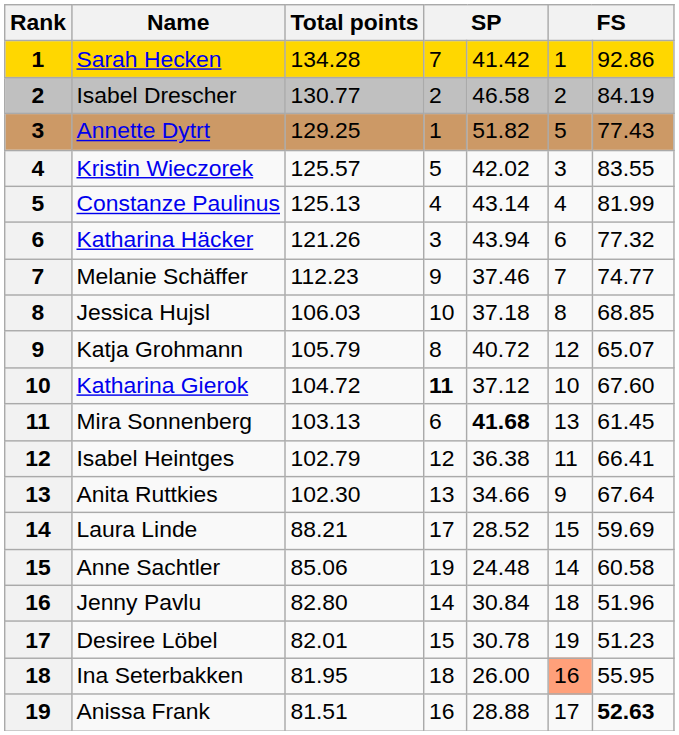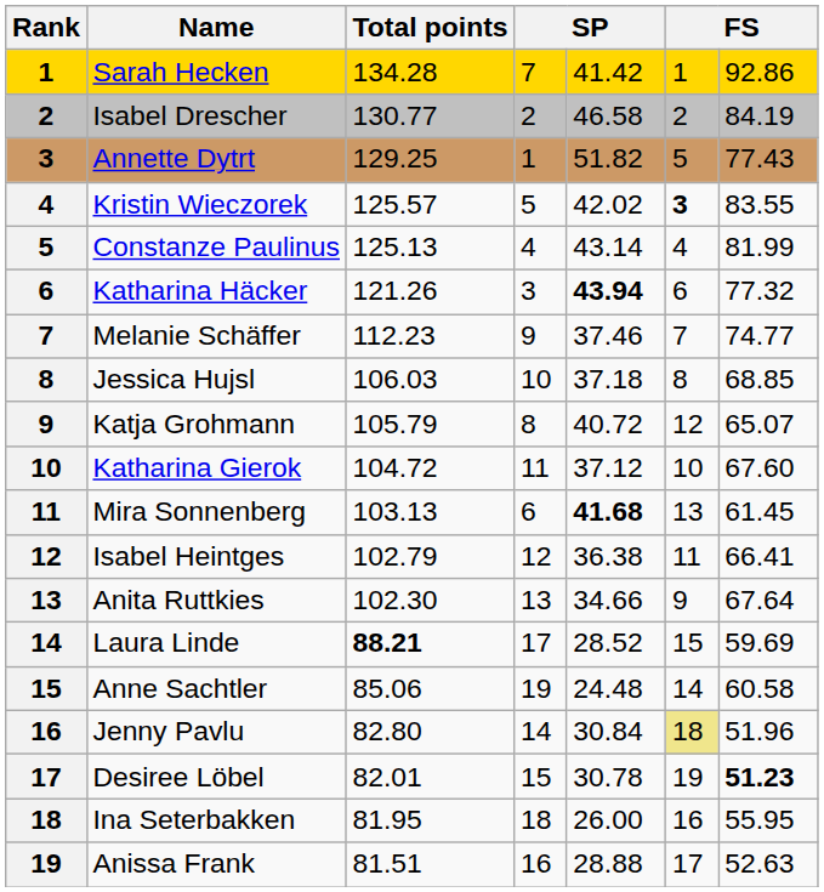 <table class="wikitable">
 <tr>
 <th>Rank</th>
 <th>Name</th>
 <th>Total points</th>
 <th colspan="2" width="80px">SP</th>
 <th colspan="2" width="80px">FS</th>
 </tr>
 <tr bgcolor="gold">
 <td align="center"><strong>1</strong></td>
 <td><a href='#'>Sarah Hecken</a></td>
 <td>134.28</td>
 <td>7</td>
 <td>41.42</td>
 <td>1</td>
 <td>92.86</td>
 </tr>
 <tr bgcolor="silver">
 <td align="center"><strong>2</strong></td>
 <td>Isabel Drescher</td>
 <td>130.77</td>
 <td>2</td>
 <td>46.58</td>
 <td>2</td>
 <td>84.19</td>
 </tr>
 <tr bgcolor="cc9966">
 <td align="center"><strong>3</strong></td>
 <td><a href='#'>Annette Dytrt</a></td>
 <td>129.25</td>
 <td>1</td>
 <td>51.82</td>
 <td>5</td>
 <td>77.43</td>
 </tr>
 <tr>
 <th>4</th>
 <td><a href='#'>Kristin Wieczorek</a></td>
 <td>125.57</td>
 <td>5</td>
 <td>42.02</td>
-<td>3</td>
+<td><strong>3</strong></td>
 <td>83.55</td>
 </tr>
 <tr>
 <th>5</th>
 <td><a href='#'>Constanze Paulinus</a></td>
 <td>125.13</td>
 <td>4</td>
 <td>43.14</td>
 <td>4</td>
 <td>81.99</td>
 </tr>
 <tr>
 <th>6</th>
 <td><a href='#'>Katharina Häcker</a></td>
 <td>121.26</td>
 <td>3</td>
-<td>43.94</td>
+<td><strong>43.94</strong></td>
 <td>6</td>
 <td>77.32</td>
 </tr>
 <tr>
 <th>7</th>
 <td>Melanie Schäffer</td>
 <td>112.23</td>
 <td>9</td>
 <td>37.46</td>
 <td>7</td>
 <td>74.77</td>
 </tr>
 <tr>
 <th>8</th>
 <td>Jessica Hujsl</td>
 <td>106.03</td>
 <td>10</td>
 <td>37.18</td>
 <td>8</td>
 <td>68.85</td>
 </tr>
 <tr>
 <th>9</th>
 <td>Katja Grohmann</td>
 <td>105.79</td>
 <td>8</td>
 <td>40.72</td>
 <td>12</td>
 <td>65.07</td>
 </tr>
 <tr>
 <th>10</th>
 <td><a href='#'>Katharina Gierok</a></td>
 <td>104.72</td>
-<td><strong>11</strong></td>
+<td>11</td>
 <td>37.12</td>
 <td>10</td>
 <td>67.60</td>
 </tr>
 <tr>
 <th>11</th>
 <td>Mira Sonnenberg</td>
 <td>103.13</td>
 <td>6</td>
 <td><strong>41.68</strong></td>
 <td>13</td>
 <td>61.45</td>
 </tr>
 <tr>
 <th>12</th>
 <td>Isabel Heintges</td>
 <td>102.79</td>
 <td>12</td>
 <td>36.38</td>
 <td>11</td>
 <td>66.41</td>
 </tr>
 <tr>
 <th>13</th>
 <td>Anita Ruttkies</td>
 <td>102.30</td>
 <td>13</td>
 <td>34.66</td>
 <td>9</td>
 <td>67.64</td>
 </tr>
 <tr>
 <th>14</th>
 <td>Laura Linde</td>
-<td>88.21</td>
+<td><strong>88.21</strong></td>
 <td>17</td>
 <td>28.52</td>
 <td>15</td>
 <td>59.69</td>
 </tr>
 <tr>
 <th>15</th>
 <td>Anne Sachtler</td>
 <td>85.06</td>
 <td>19</td>
 <td>24.48</td>
 <td>14</td>
 <td>60.58</td>
 </tr>
 <tr>
 <th>16</th>
 <td>Jenny Pavlu</td>
 <td>82.80</td>
 <td>14</td>
 <td>30.84</td>
-<td>18</td>
+<td style="background: khaki;">18</td>
 <td>51.96</td>
 </tr>
 <tr>
 <th>17</th>
 <td>Desiree Löbel</td>
 <td>82.01</td>
 <td>15</td>
 <td>30.78</td>
 <td>19</td>
-<td>51.23</td>
+<td><strong>51.23</strong></td>
 </tr>
 <tr>
 <th>18</th>
 <td>Ina Seterbakken</td>
 <td>81.95</td>
 <td>18</td>
 <td>26.00</td>
-<td style="background: lightsalmon;">16</td>
+<td>16</td>
 <td>55.95</td>
 </tr>
 <tr>
 <th>19</th>
 <td>Anissa Frank</td>
 <td>81.51</td>
 <td>16</td>
 <td>28.88</td>
 <td>17</td>
-<td><strong>52.63</strong></td>
+<td>52.63</td>
 </tr>
 </table>
